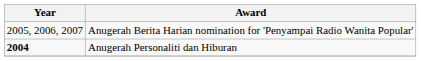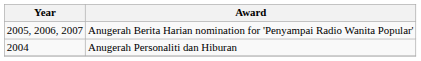 <table class="wikitable">
 <tr>
 <th>Year</th>
 <th>Award</th>
 </tr>
 <tr>
 <td>2005, 2006, 2007</td>
 <td>Anugerah Berita Harian  nomination for 'Penyampai Radio Wanita Popular'</td>
 </tr>
 <tr>
-<td><strong>2004</strong></td>
+<td>2004</td>
 <td>Anugerah Personaliti dan Hiburan</td>
 </tr>
 <tr>
 </tr>
 </table>
